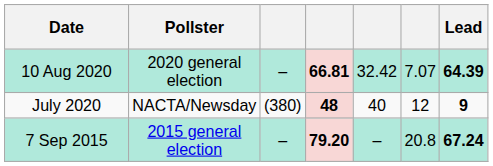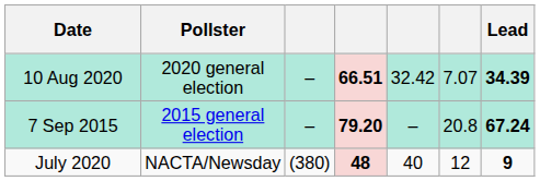 <table class="wikitable sortable collapsible" style="text-align:center;font-size:95%;">
 <tr style="height:42px;">
 <th style="width:110px;">Date</th>
 <th style="width:110px;">Pollster</th>
 <th data-sort-type="number"></th>
 <th class="unsortable" style="background:"><a href='#'></a></th>
 <th class="unsortable" style="background:"></th>
 <th class="unsortable" style="background:"></th>
 <th>Lead</th>
 </tr>
 <tr style="background:#b0e9db;">
 <td>10 Aug 2020</td>
 <td>2020 general election</td>
 <td>–</td>
-<td style="background:#F8D7D6;"><strong>66.81</strong></td>
+<td style="background:#F8D7D6;"><strong>66.51</strong></td>
 <td>32.42</td>
 <td>7.07</td>
-<td style="background:"><strong>64.39</strong></td>
+<td style="background:"><strong>34.39</strong></td>
+</tr>
+<tr style="background:#b0e9db;">
+<td data-sort-value="2015-09-07">7 Sep 2015</td>
+<td><a href='#'>2015 general election</a></td>
+<td>–</td>
+<td style="background:#F8D7D6;"><strong>79.20</strong></td>
+<td>–</td>
+<td>20.8</td>
+<td style="background:"><strong>67.24</strong></td>
 </tr>
 <tr>
 <td>July 2020</td>
 <td>NACTA/Newsday</td>
 <td>(380)</td>
 <td style="background:#F8D7D6;"><strong>48</strong></td>
 <td>40</td>
 <td>12</td>
 <td style="background:"><strong>9</strong></td>
 </tr>
-<tr style="background:#b0e9db;">
-<td data-sort-value="2015-09-07">7 Sep 2015</td>
-<td><a href='#'>2015 general election</a></td>
-<td>–</td>
-<td style="background:#F8D7D6;"><strong>79.20</strong></td>
-<td>–</td>
-<td>20.8</td>
-<td style="background:"><strong>67.24</strong></td>
-</tr>
 </table>
